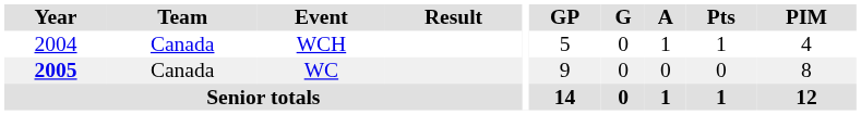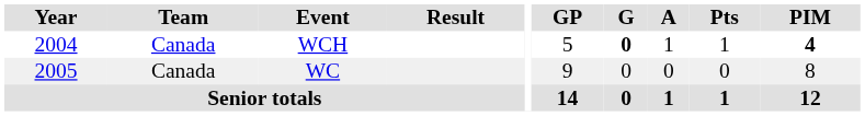 <table border="0" cellpadding="1" cellspacing="0" ID="Table3" style="text-align:center; width:40em">
 <tr ALIGN="center" bgcolor="#e0e0e0">
 <th>Year</th>
 <th>Team</th>
 <th>Event</th>
 <th>Result</th>
 <th rowspan="99" bgcolor="#ffffff"></th>
 <th>GP</th>
 <th>G</th>
 <th>A</th>
 <th>Pts</th>
 <th>PIM</th>
 </tr>
 <tr>
 <td><a href='#'>2004</a></td>
 <td><a href='#'>Canada</a></td>
 <td><a href='#'>WCH</a></td>
 <td></td>
 <td>5</td>
-<td>0</td>
+<td><strong>0</strong></td>
 <td>1</td>
 <td>1</td>
-<td>4</td>
+<td><strong>4</strong></td>
 </tr>
 <tr bgcolor="#f0f0f0">
-<td><strong><a href='#'>2005</a></strong></td>
+<td><a href='#'>2005</a></td>
 <td>Canada</td>
 <td><a href='#'>WC</a></td>
 <td></td>
 <td>9</td>
 <td>0</td>
 <td>0</td>
 <td>0</td>
 <td>8</td>
 </tr>
 <tr bgcolor="#e0e0e0">
 <th colspan="4">Senior totals</th>
 <th>14</th>
 <th>0</th>
 <th>1</th>
 <th>1</th>
 <th>12</th>
 </tr>
 </table>
